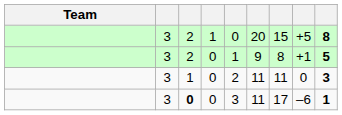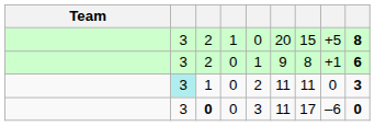 <table class="wikitable" style="text-align: center;">
 <tr>
 <th width="175">Team</th>
 <th width="20"></th>
 <th width="20"></th>
 <th width="20"></th>
 <th width="20"></th>
 <th width="20"></th>
 <th width="20"></th>
 <th width="20"></th>
 <th width="20"></th>
 </tr>
 <tr align=center bgcolor=#ccffcc>
 <td style="text-align:left;"></td>
 <td>3</td>
 <td>2</td>
 <td>1</td>
 <td>0</td>
 <td>20</td>
 <td>15</td>
 <td>+5</td>
 <td><strong>8</strong></td>
 </tr>
 <tr align=center bgcolor=#ccffcc>
 <td style="text-align:left;"></td>
 <td>3</td>
 <td>2</td>
 <td>0</td>
 <td>1</td>
 <td>9</td>
 <td>8</td>
 <td>+1</td>
-<td><strong>5</strong></td>
+<td><strong>6</strong></td>
 </tr>
 <tr>
 <td style="text-align:left;"></td>
-<td>3</td>
+<td style="background: paleturquoise;">3</td>
 <td>1</td>
 <td>0</td>
 <td>2</td>
 <td>11</td>
 <td>11</td>
 <td>0</td>
 <td><strong>3</strong></td>
 </tr>
 <tr>
 <td style="text-align:left;"></td>
 <td>3</td>
 <td><strong>0</strong></td>
 <td>0</td>
 <td>3</td>
 <td>11</td>
 <td>17</td>
 <td>–6</td>
-<td><strong>1</strong></td>
+<td><strong>0</strong></td>
 </tr>
 </table>
